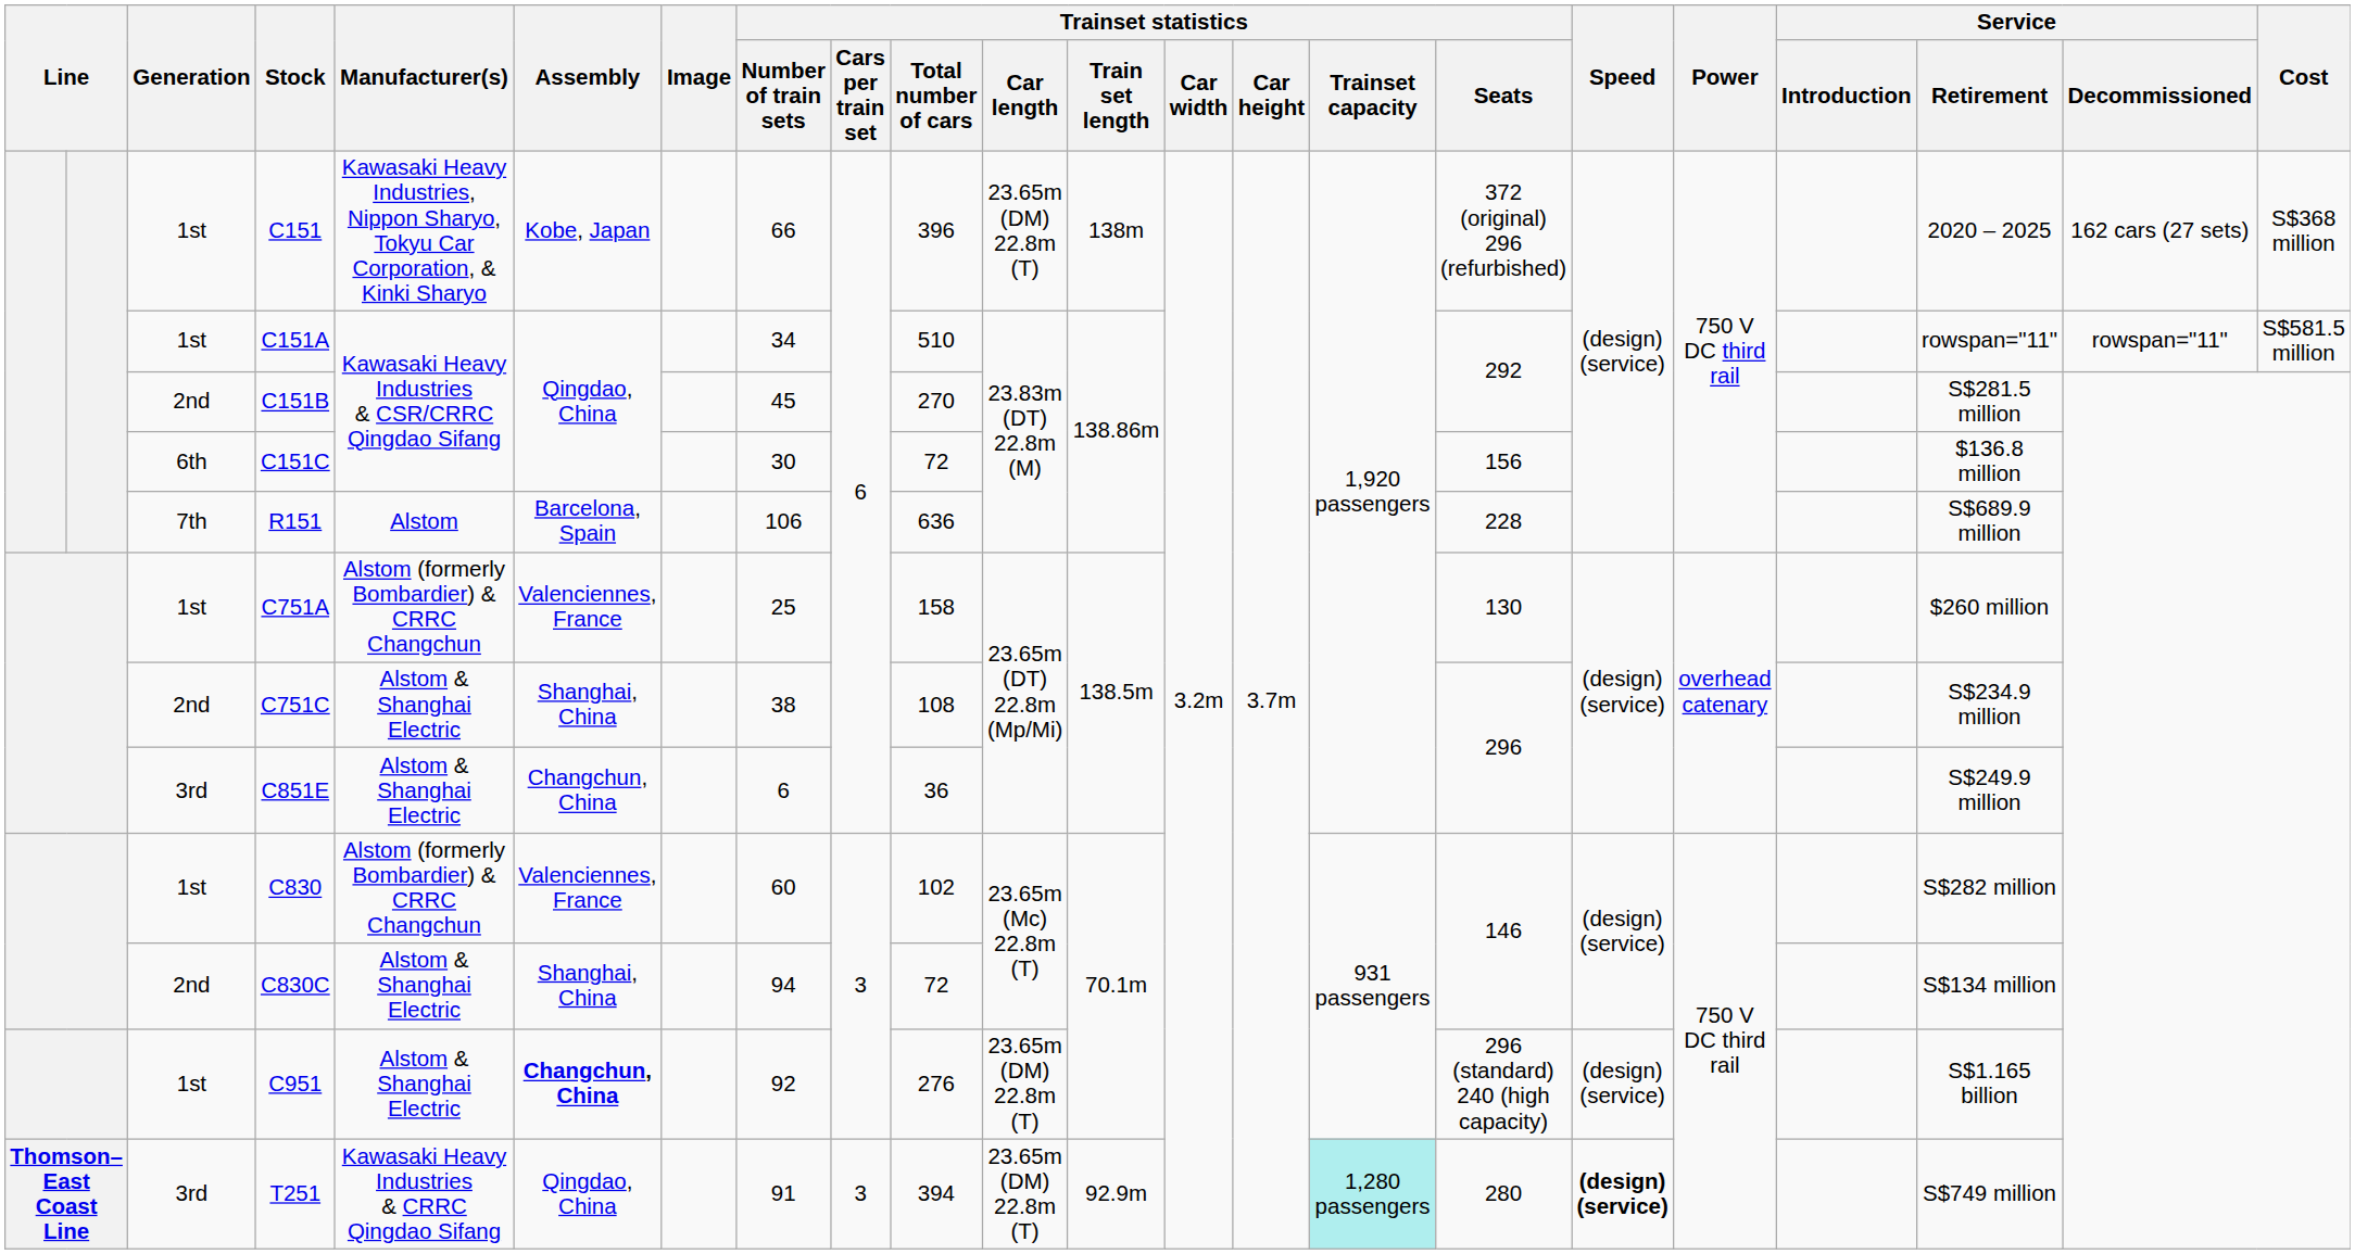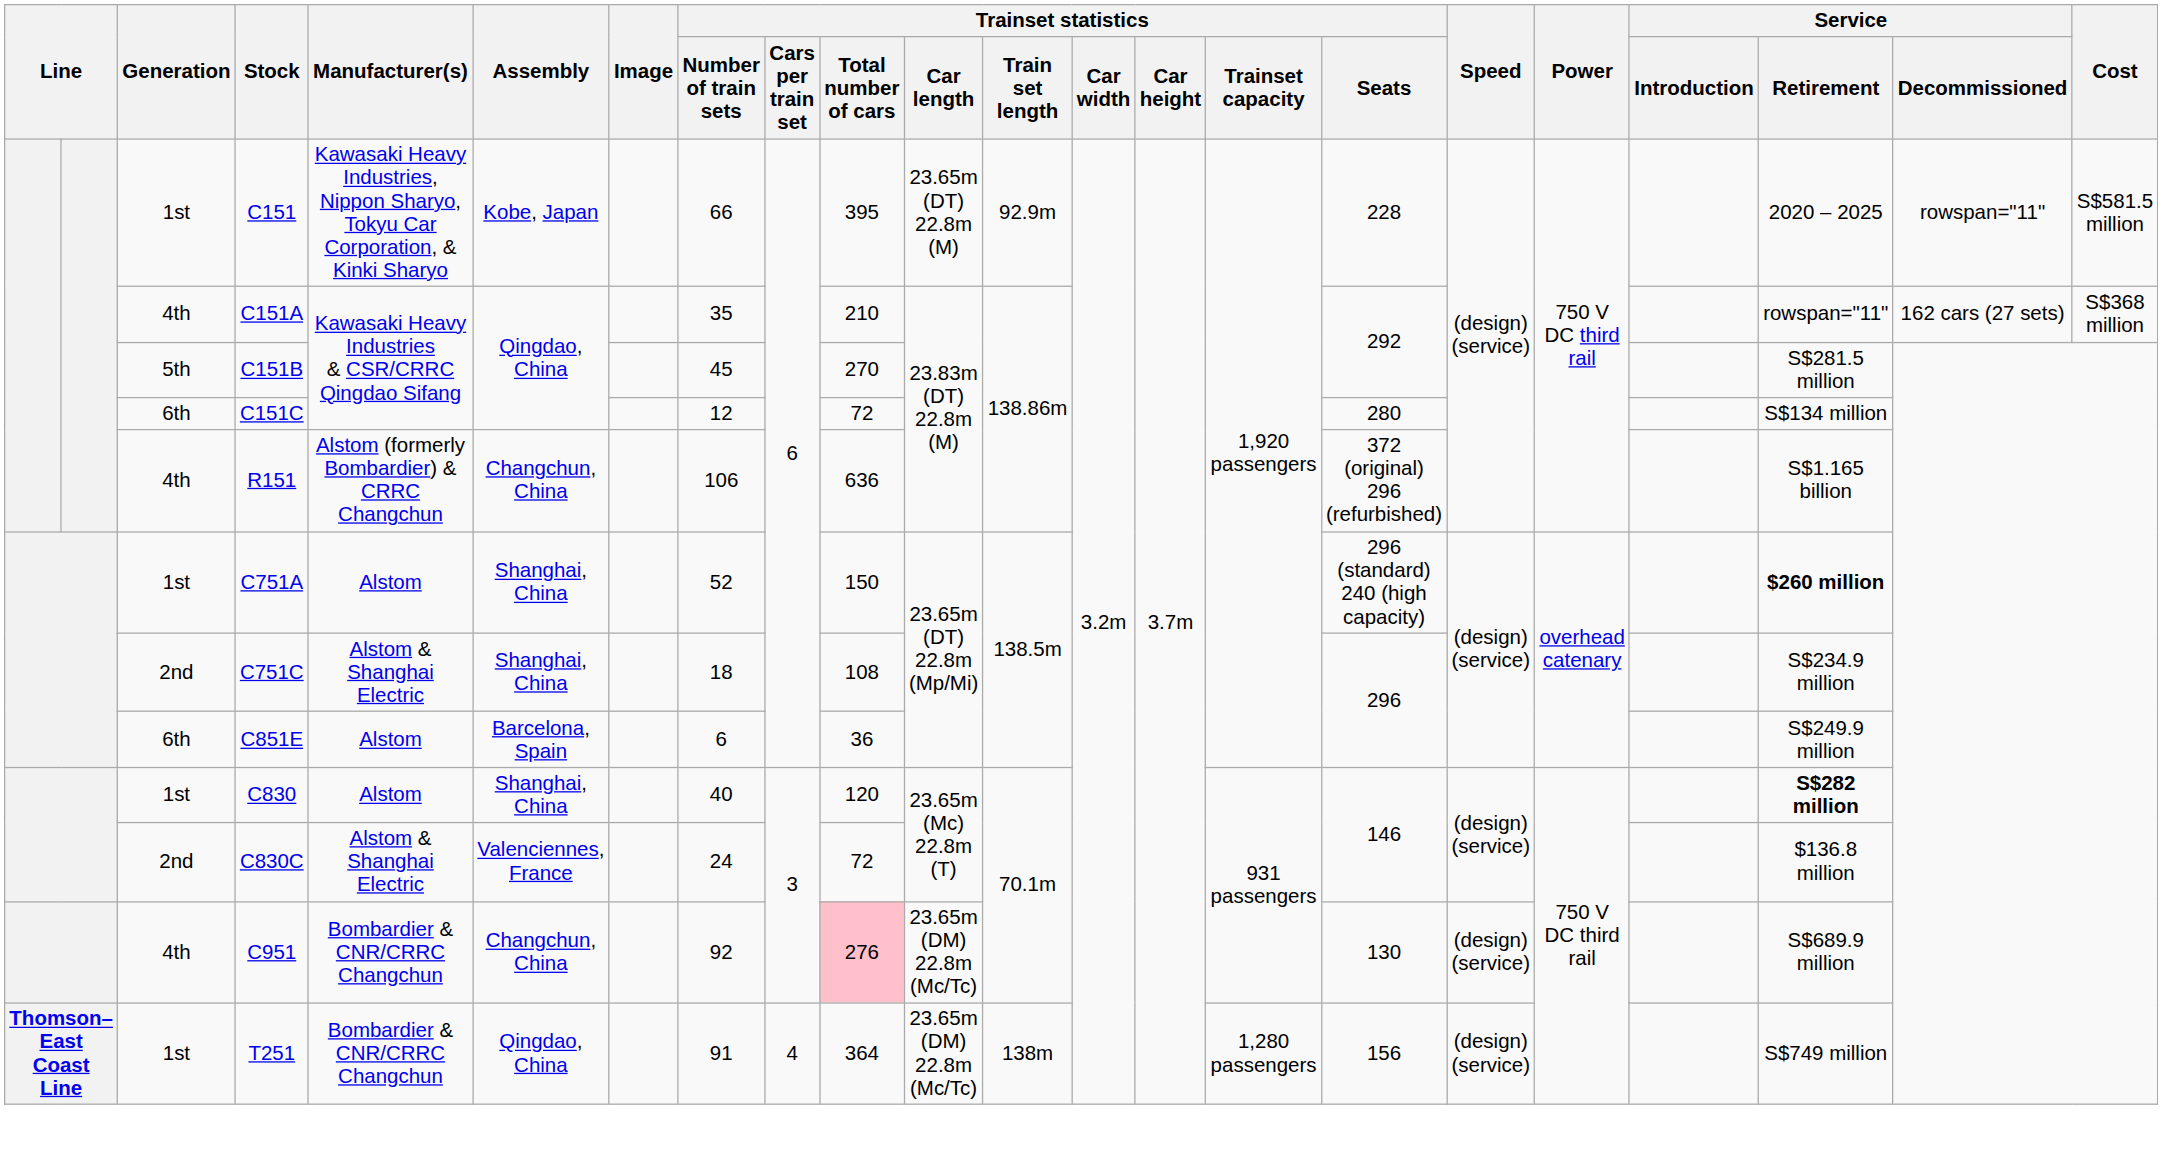 <table class="wikitable" style="margin: 0 auto; text-align:center">
 <tr>
 <th rowspan="2" colspan="2">Line</th>
 <th rowspan="2">Generation</th>
 <th rowspan="2">Stock</th>
 <th rowspan="2">Manufacturer(s)</th>
 <th rowspan="2">Assembly</th>
 <th rowspan="2">Image</th>
 <th colspan="9">Trainset statistics</th>
 <th rowspan="2" style="width:4em">Speed</th>
 <th rowspan="2">Power</th>
 <th colspan="3">Service</th>
 <th rowspan="2">Cost</th>
 </tr>
 <tr>
 <th style="width:4em">Number of train sets</th>
 <th style="width:3em">Cars per train set</th>
 <th style="width:4em">Total number of cars</th>
 <th>Car length</th>
 <th>Train set length</th>
 <th>Car width</th>
 <th>Car height</th>
 <th>Trainset capacity</th>
 <th>Seats</th>
 <th>Introduction</th>
 <th>Retirement</th>
 <th>Decommissioned</th>
 </tr>
 <tr>
 <th rowspan="5" style="background-color:#"><a href='#'></a></th>
 <th rowspan="5" style="background-color:#"><a href='#'></a></th>
 <td>1st</td>
 <td><a href='#'>C151</a></td>
 <td><a href='#'>Kawasaki Heavy Industries</a>, <a href='#'>Nippon Sharyo</a>, <a href='#'>Tokyu Car Corporation</a>, & <a href='#'>Kinki Sharyo</a></td>
 <td><a href='#'>Kobe</a>, <a href='#'>Japan</a></td>
 <td></td>
 <td>66</td>
 <td rowspan="8">6</td>
-<td>396</td>
-<td>23.65m (DM)<br>22.8m (T)</td>
-<td>138m</td>
+<td>395</td>
+<td>23.65m (DT)<br>22.8m (M)</td>
+<td>92.9m</td>
 <td rowspan="12">3.2m</td>
 <td rowspan="12">3.7m</td>
 <td rowspan="8">1,920 passengers</td>
-<td>372 (original)<br>296 (refurbished)</td>
+<td>228</td>
 <td rowspan="5"> (design)<br> (service)</td>
 <td rowspan="5">750 V DC <a href='#'>third rail</a></td>
 <td></td>
 <td>2020 – 2025</td>
-<td>162 cars (27 sets)</td>
-<td>S$368 million</td>
+<td>rowspan="11" </td>
+<td>S$581.5 million<wbr></td>
 </tr>
 <tr>
-<td>1st</td>
+<td>4th</td>
 <td><a href='#'>C151A</a></td>
 <td rowspan="3"><a href='#'>Kawasaki Heavy Industries</a><br>& <a href='#'>CSR/CRRC Qingdao Sifang</a></td>
 <td rowspan="3"><a href='#'>Qingdao</a>, <a href='#'>China</a></td>
 <td></td>
-<td>34</td>
-<td>510<wbr></td>
+<td>35</td>
+<td>210<wbr></td>
 <td rowspan="4">23.83m (DT)<br>22.8m (M)</td>
 <td rowspan="4">138.86m</td>
 <td rowspan="2">292</td>
 <td></td>
 <td>rowspan="11" </td>
-<td>rowspan="11" </td>
-<td>S$581.5 million<wbr></td>
+<td>162 cars (27 sets)</td>
+<td>S$368 million</td>
 </tr>
 <tr>
-<td>2nd</td>
+<td>5th</td>
 <td><a href='#'>C151B</a></td>
 <td></td>
 <td>45</td>
 <td>270</td>
 <td></td>
 <td>S$281.5 million</td>
 </tr>
 <tr>
 <td>6th</td>
 <td><a href='#'>C151C</a></td>
 <td></td>
-<td>30</td>
+<td>12</td>
 <td>72</td>
-<td>156</td>
+<td>280</td>
 <td></td>
-<td>$136.8 million<wbr></td>
+<td>S$134 million</td>
 </tr>
 <tr>
-<td>7th</td>
+<td>4th</td>
 <td><a href='#'>R151</a></td>
-<td><a href='#'>Alstom</a></td>
-<td><a href='#'>Barcelona</a>, <a href='#'>Spain</a></td>
+<td><a href='#'>Alstom</a> (formerly <a href='#'>Bombardier</a>) & <a href='#'>CRRC Changchun</a></td>
+<td><a href='#'>Changchun</a>, <a href='#'>China</a></td>
 <td></td>
 <td>106</td>
 <td>636</td>
-<td>228</td>
+<td>372 (original)<br>296 (refurbished)</td>
 <td></td>
-<td>S$689.9 million</td>
+<td>S$1.165 billion</td>
 </tr>
 <tr>
 <th colspan="2" rowspan="3" style="background-color:#"><a href='#'></a></th>
 <td>1st</td>
 <td><a href='#'>C751A</a></td>
-<td><a href='#'>Alstom</a> (formerly <a href='#'>Bombardier</a>) & <a href='#'>CRRC Changchun</a></td>
-<td><a href='#'>Valenciennes</a>, <a href='#'>France</a></td>
+<td><a href='#'>Alstom</a></td>
+<td><a href='#'>Shanghai</a>, <a href='#'>China</a></td>
 <td></td>
-<td>25</td>
-<td>158</td>
+<td>52</td>
+<td>150</td>
 <td rowspan="3">23.65m (DT)<br>22.8m (Mp/Mi)</td>
 <td rowspan="3">138.5m</td>
-<td>130</td>
+<td>296 (standard)<br>240 (high capacity)</td>
 <td rowspan="3"> (design)<br> (service)</td>
 <td rowspan="3"> <a href='#'>overhead catenary</a></td>
 <td></td>
-<td>$260 million</td>
+<td><strong>$260 million</strong></td>
 </tr>
 <tr>
 <td>2nd</td>
 <td><a href='#'>C751C</a></td>
 <td><a href='#'>Alstom</a> & <a href='#'>Shanghai Electric</a></td>
 <td><a href='#'>Shanghai</a>, <a href='#'>China</a></td>
 <td></td>
-<td>38</td>
+<td>18</td>
 <td>108</td>
 <td rowspan="2">296</td>
 <td></td>
 <td>S$234.9 million</td>
 </tr>
 <tr>
-<td>3rd</td>
+<td>6th</td>
 <td><a href='#'>C851E</a></td>
-<td><a href='#'>Alstom</a> & <a href='#'>Shanghai Electric</a></td>
-<td><a href='#'>Changchun</a>, <a href='#'>China</a></td>
+<td><a href='#'>Alstom</a></td>
+<td><a href='#'>Barcelona</a>, <a href='#'>Spain</a></td>
 <td></td>
 <td>6</td>
 <td>36</td>
 <td></td>
 <td>S$249.9 million<wbr></td>
 </tr>
 <tr>
 <th colspan="2" rowspan="2" style="background-color:#"><a href='#'></a></th>
 <td>1st</td>
 <td><a href='#'>C830</a></td>
-<td><a href='#'>Alstom</a> (formerly <a href='#'>Bombardier</a>) & <a href='#'>CRRC Changchun</a></td>
-<td><a href='#'>Valenciennes</a>, <a href='#'>France</a></td>
+<td><a href='#'>Alstom</a></td>
+<td><a href='#'>Shanghai</a>, <a href='#'>China</a></td>
 <td></td>
-<td>60</td>
+<td>40</td>
 <td rowspan="3">3</td>
-<td>102</td>
+<td>120</td>
 <td rowspan="2">23.65m (Mc)<br>22.8m (T)</td>
 <td rowspan="3">70.1m</td>
 <td rowspan="3">931 passengers</td>
 <td rowspan="2">146</td>
 <td rowspan="2"> (design)<br> (service)</td>
 <td rowspan="4">750 V DC third rail</td>
 <td></td>
-<td>S$282 million</td>
+<td><strong>S$282 million</strong></td>
 </tr>
 <tr>
 <td>2nd</td>
 <td><a href='#'>C830C</a></td>
 <td><a href='#'>Alstom</a> & <a href='#'>Shanghai Electric</a></td>
-<td><a href='#'>Shanghai</a>, <a href='#'>China</a></td>
+<td><a href='#'>Valenciennes</a>, <a href='#'>France</a></td>
 <td></td>
-<td>94</td>
+<td>24</td>
 <td>72</td>
 <td></td>
-<td>S$134 million</td>
+<td>$136.8 million<wbr></td>
 </tr>
 <tr>
 <th colspan="2" style="background-color:#"><a href='#'></a></th>
-<td>1st</td>
+<td>4th</td>
 <td><a href='#'>C951</a></td>
-<td><a href='#'>Alstom</a> & <a href='#'>Shanghai Electric</a></td>
-<td><strong><a href='#'>Changchun</a>, <a href='#'>China</a></strong></td>
+<td><a href='#'>Bombardier</a> & <a href='#'>CNR/CRRC Changchun</a></td>
+<td><a href='#'>Changchun</a>, <a href='#'>China</a></td>
 <td></td>
 <td>92</td>
-<td>276</td>
-<td>23.65m (DM)<br>22.8m (T)</td>
-<td>296 (standard)<br>240 (high capacity)</td>
+<td style="background: pink;">276</td>
+<td>23.65m (DM)<br>22.8m (Mc/Tc)</td>
+<td>130</td>
 <td> (design)<br> (service)</td>
 <td></td>
-<td>S$1.165 billion</td>
+<td>S$689.9 million</td>
 </tr>
 <tr>
 <th colspan="2" style="background-color:#"><a href='#'><span>Thomson–East Coast Line</span></a></th>
-<td>3rd</td>
+<td>1st</td>
 <td><a href='#'>T251</a></td>
-<td><a href='#'>Kawasaki Heavy Industries</a><br>& <a href='#'>CRRC Qingdao Sifang</a></td>
+<td><a href='#'>Bombardier</a> & <a href='#'>CNR/CRRC Changchun</a></td>
 <td><a href='#'>Qingdao</a>, <a href='#'>China</a></td>
 <td></td>
 <td>91</td>
-<td>3</td>
-<td>394</td>
-<td>23.65m (DM)<br>22.8m (T)</td>
-<td>92.9m</td>
-<td style="background: paleturquoise;">1,280 passengers</td>
-<td>280</td>
-<td><strong> (design)<br> (service)</strong></td>
+<td>4</td>
+<td>364</td>
+<td>23.65m (DM)<br>22.8m (Mc/Tc)</td>
+<td>138m</td>
+<td>1,280 passengers</td>
+<td>156</td>
+<td> (design)<br> (service)</td>
 <td></td>
 <td>S$749 million</td>
 </tr>
 </table>
